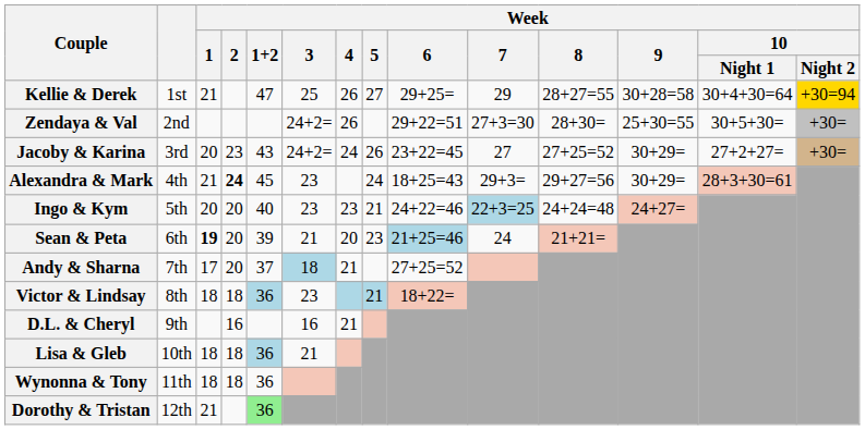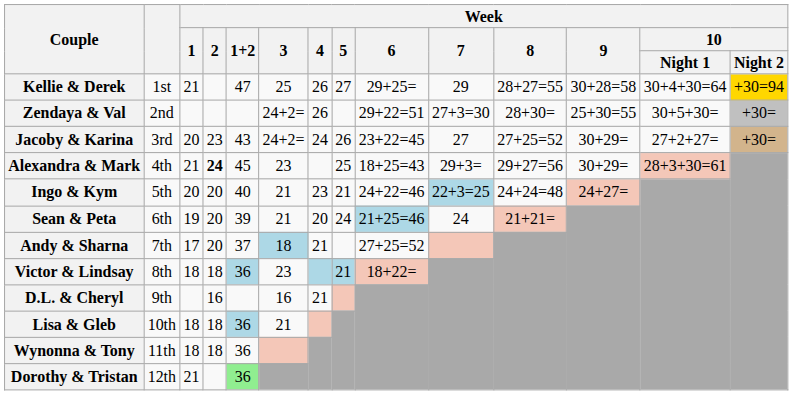 <table class="wikitable sortable" style="text-align:center; font-size:95%">
 <tr>
 <th scope="col" rowspan="3" style="text-align:center; line-height:15px;">Couple</th>
 <th scope="col" rowspan="3" style="text-align:center; line-height:15px;"></th>
 <th colspan="12" style="text-align:center; line-height:15px;">Week</th>
 </tr>
 <tr>
 <th scope="col" rowspan=2 style="line-height:15px;">1</th>
 <th scope="col" rowspan=2 style="line-height:15px;">2</th>
 <th scope="col" rowspan=2 style="line-height:15px;">1+2</th>
 <th scope="col" rowspan=2 style="line-height:15px;">3</th>
 <th scope="col" rowspan=2 style="line-height:15px;">4</th>
 <th scope="col" rowspan=2 style="line-height:15px;">5</th>
 <th scope="col" rowspan=2 style="line-height:15px;">6</th>
 <th scope="col" rowspan=2 style="line-height:15px;">7</th>
 <th scope="col" rowspan=2 style="line-height:15px;">8</th>
 <th scope="col" rowspan=2 style="line-height:15px;">9</th>
 <th scope="col" colspan=2 style="line-height:15px;">10</th>
 </tr>
 <tr>
 <th style="line-height:15px;">Night 1</th>
 <th style="line-height:15px;">Night 2</th>
 </tr>
 <tr>
 <th scope="row">Kellie & Derek</th>
 <td>1st</td>
 <td>21</td>
 <td></td>
 <td>47</td>
 <td>25</td>
 <td>26</td>
 <td>27</td>
 <td>29+25=</td>
 <td>29</td>
 <td>28+27=55</td>
 <td>30+28=58</td>
 <td>30+4+30=64</td>
 <td bgcolor=gold >+30=94</td>
 </tr>
 <tr>
 <th scope="row">Zendaya & Val</th>
 <td>2nd</td>
 <td></td>
 <td></td>
 <td></td>
 <td>24+2=</td>
 <td>26</td>
 <td></td>
 <td>29+22=51</td>
 <td>27+3=30</td>
 <td>28+30=</td>
 <td>25+30=55</td>
 <td>30+5+30=</td>
 <td style="background:silver;" >+30=</td>
 </tr>
 <tr>
 <th scope="row">Jacoby & Karina</th>
 <td>3rd</td>
 <td>20</td>
 <td>23</td>
 <td>43</td>
 <td>24+2=</td>
 <td>24</td>
 <td>26</td>
 <td>23+22=45</td>
 <td>27</td>
 <td>27+25=52</td>
 <td>30+29=</td>
 <td>27+2+27=</td>
 <td bgcolor=tan >+30=</td>
 </tr>
 <tr>
 <th scope="row">Alexandra & Mark</th>
 <td>4th</td>
 <td>21</td>
 <td><strong>24</strong></td>
 <td>45</td>
 <td>23</td>
 <td></td>
-<td>24</td>
+<td>25</td>
 <td>18+25=43</td>
 <td>29+3=</td>
 <td>29+27=56</td>
 <td>30+29=</td>
 <td bgcolor=f4c7b8 >28+3+30=61</td>
 <td rowspan="9" style="background:darkgrey;"></td>
 </tr>
 <tr>
 <th scope="row">Ingo & Kym</th>
 <td>5th</td>
 <td>20</td>
 <td>20</td>
 <td>40</td>
-<td>23</td>
+<td>21</td>
 <td>23</td>
 <td>21</td>
 <td>24+22=46</td>
 <td bgcolor=lightblue >22+3=25</td>
 <td>24+24=48</td>
 <td bgcolor=f4c7b8 >24+27=</td>
 <td rowspan="8" style="background:darkgrey;"></td>
 </tr>
 <tr>
 <th scope="row">Sean & Peta</th>
 <td>6th</td>
-<td><strong>19</strong></td>
+<td>19</td>
 <td>20</td>
 <td>39</td>
 <td>21</td>
 <td>20</td>
-<td>23</td>
+<td>24</td>
 <td bgcolor=lightblue >21+25=46</td>
 <td>24</td>
 <td bgcolor=f4c7b8 >21+21=</td>
 <td rowspan="7" style="background:darkgrey;"></td>
 </tr>
 <tr>
 <th scope="row">Andy & Sharna</th>
 <td>7th</td>
 <td>17</td>
 <td>20</td>
 <td>37</td>
 <td bgcolor=lightblue>18</td>
 <td>21</td>
 <td></td>
 <td>27+25=52</td>
 <td bgcolor=f4c7b8></td>
 <td rowspan="6" style="background:darkgrey;"></td>
 </tr>
 <tr>
 <th scope="row">Victor & Lindsay</th>
 <td>8th</td>
 <td>18</td>
 <td>18</td>
 <td bgcolor=lightblue>36</td>
 <td>23</td>
 <td bgcolor=lightblue></td>
 <td bgcolor=lightblue>21</td>
 <td bgcolor=f4c7b8 >18+22=</td>
 <td rowspan="5" style="background:darkgrey;"></td>
 </tr>
 <tr>
 <th scope="row">D.L. & Cheryl</th>
 <td>9th</td>
 <td></td>
 <td>16</td>
 <td></td>
 <td>16</td>
 <td>21</td>
 <td bgcolor=f4c7b8></td>
 <td rowspan="4" style="background:darkgrey;"></td>
 </tr>
 <tr>
 <th scope="row">Lisa & Gleb</th>
 <td>10th</td>
 <td>18</td>
 <td>18</td>
 <td bgcolor=lightblue>36</td>
 <td>21</td>
 <td bgcolor=f4c7b8></td>
 <td rowspan="3" style="background:darkgrey;"></td>
 </tr>
 <tr>
 <th scope="row">Wynonna & Tony</th>
 <td>11th</td>
 <td>18</td>
 <td>18</td>
 <td>36</td>
 <td bgcolor=f4c7b8></td>
 <td rowspan="2" style="background:darkgrey;"></td>
 </tr>
 <tr>
 <th scope="row">Dorothy & Tristan</th>
 <td>12th</td>
 <td>21</td>
 <td></td>
 <td bgcolor=lightgreen>36</td>
 <td style="background:darkgrey;"></td>
 </tr>
 </table>
